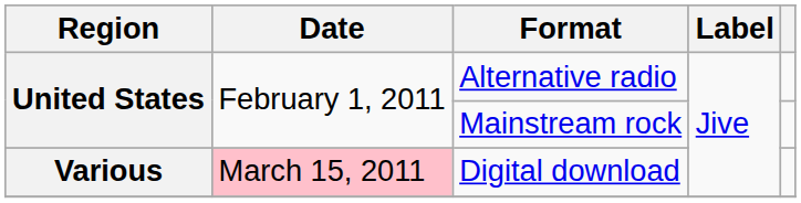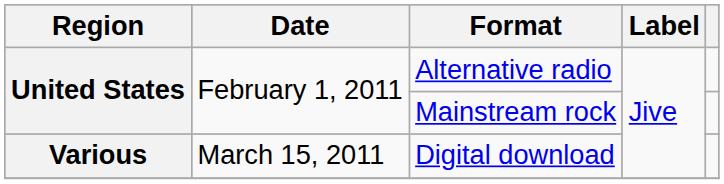 <table class="wikitable plainrowheaders">
 <tr>
 <th scope="col">Region</th>
 <th>Date</th>
 <th>Format</th>
 <th>Label</th>
 <th></th>
 </tr>
 <tr>
 <th scope="row" rowspan="2">United States</th>
 <td rowspan="2">February 1, 2011</td>
 <td><a href='#'>Alternative radio</a></td>
 <td rowspan="3"><a href='#'>Jive</a></td>
 <td align="center"></td>
 </tr>
 <tr>
 <td><a href='#'>Mainstream rock</a></td>
 <td align="center"></td>
 </tr>
 <tr>
 <th scope="row">Various</th>
-<td style="background: pink;">March 15, 2011</td>
+<td>March 15, 2011</td>
 <td><a href='#'>Digital download</a></td>
 <td align="center"></td>
 </tr>
 <tr>
 </tr>
 </table>
